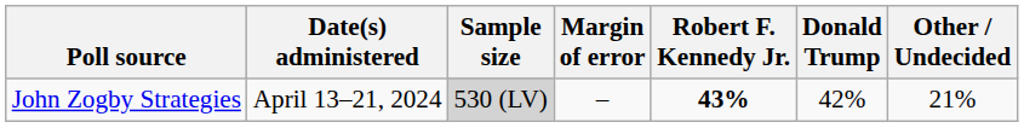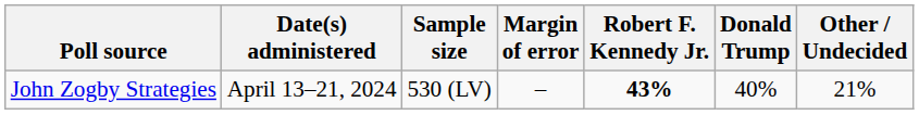 <table class="wikitable sortable mw-datatable" style="font-size:90%;text-align:center;line-height:17px">
 <tr valign=bottom>
 <th>Poll source</th>
 <th>Date(s)<br>administered</th>
 <th>Sample<br>size</th>
 <th>Margin<br>of error</th>
 <th class="unsortable">Robert F.<br>Kennedy Jr.<br></th>
 <th class="unsortable">Donald<br>Trump<br></th>
 <th class="unsortable">Other /<br>Undecided</th>
 </tr>
 <tr>
 <td style="text-align:left;"><a href='#'>John Zogby Strategies</a></td>
 <td data-sort-value="2024-05-01">April 13–21, 2024</td>
-<td style="background: lightgrey;">530 (LV)</td>
+<td>530 (LV)</td>
 <td>–</td>
 <td style="background-color:"><strong>43%</strong></td>
-<td>42%</td>
+<td>40%</td>
 <td>21%</td>
 </tr>
 </table>
